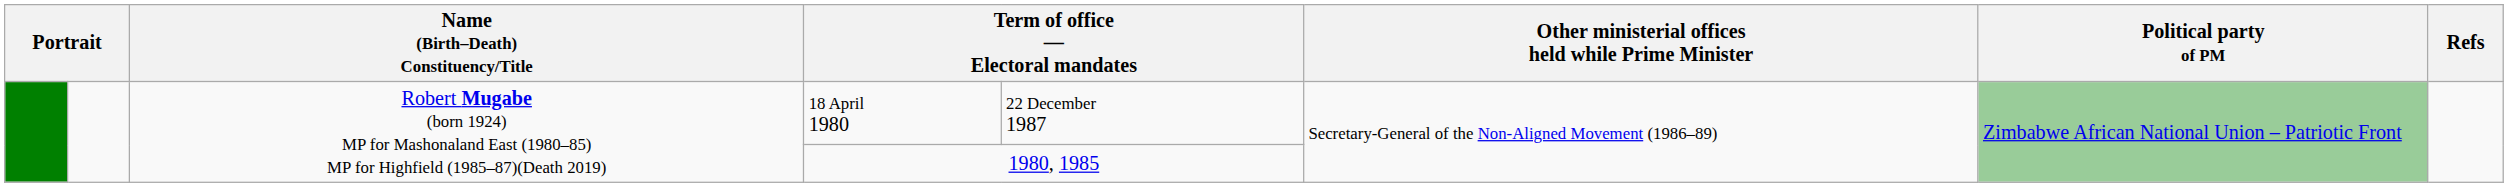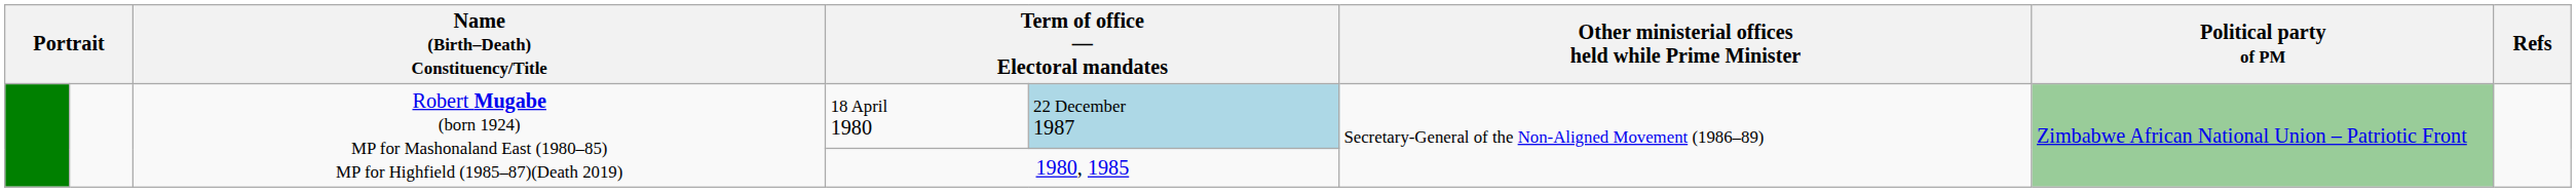 <table class="wikitable" width=100%>
 <tr>
 <th scope="col" colspan="2" width=40>Portrait</th>
 <th scope="col" width=27%>Name<br><small>(Birth–Death)<br>Constituency/Title</small></th>
 <th scope="col" colspan="2" width=20%>Term of office<br>—<br>Electoral mandates</th>
 <th scope="col" width=27%>Other ministerial offices<br>held while Prime Minister</th>
 <th scope="col" width=18%>Political party<br><small>of PM</small></th>
 <th scope="col">Refs</th>
 </tr>
 <tr>
 <td scope="row" rowspan="2" style="background-color: #008000"></td>
 <td rowspan="2"></td>
 <td rowspan="2" align="center"><a href='#'>Robert <strong>Mugabe</strong></a><br><small>(born 1924)<br>MP for Mashonaland East (1980–85)<br>MP for Highfield (1985–87)(Death 2019)</small></td>
 <td><small>18 April</small><br>1980</td>
-<td><small>22 December</small><br>1987</td>
+<td style="background: lightblue;"><small>22 December</small><br>1987</td>
 <td rowspan="2"><small>Secretary-General of the <a href='#'>Non-Aligned Movement</a> (1986–89)</small></td>
 <td bgcolor=#99CC99 rowspan="2"><a href='#'>Zimbabwe African National Union – Patriotic Front</a></td>
 <td rowspan="2" align=center></td>
 </tr>
 <tr>
 <td colspan="2" align="center"><a href='#'>1980</a>, <a href='#'>1985</a></td>
 </tr>
 </table>
